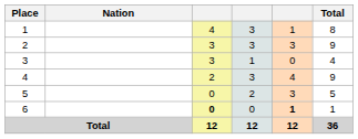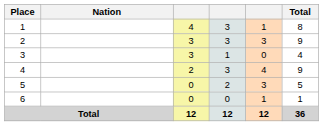 <table class=wikitable style="border:1px solid #AAAAAA;font-size:90%">
 <tr bgcolor="#EFEFEF">
 <th width=50>Place</th>
 <th width=200>Nation</th>
 <th width=50></th>
 <th width=50></th>
 <th width=50></th>
 <th width=50>Total</th>
 </tr>
 <tr align="center" valign="top" bgcolor="#FFFFFF">
 <td>1</td>
 <td align="left"></td>
 <td style="background:#F7F6A8;">4</td>
 <td style="background:#DCE5E5;">3</td>
 <td style="background:#FFDAB9;">1</td>
 <td>8</td>
 </tr>
 <tr align="center" valign="top" bgcolor="#FFFFFF">
 <td>2</td>
 <td align="left"></td>
 <td style="background:#F7F6A8;">3</td>
 <td style="background:#DCE5E5;">3</td>
 <td style="background:#FFDAB9;">3</td>
 <td>9</td>
 </tr>
 <tr align="center" valign="top" bgcolor="#FFFFFF">
 <td>3</td>
 <td align="left"></td>
 <td style="background:#F7F6A8;">3</td>
 <td style="background:#DCE5E5;">1</td>
 <td style="background:#FFDAB9;">0</td>
 <td>4</td>
 </tr>
 <tr align="center" valign="top" bgcolor="#FFFFFF">
 <td>4</td>
 <td align="left"></td>
 <td style="background:#F7F6A8;">2</td>
 <td style="background:#DCE5E5;">3</td>
 <td style="background:#FFDAB9;">4</td>
 <td>9</td>
 </tr>
 <tr align="center" valign="top" bgcolor="#FFFFFF">
 <td>5</td>
 <td align="left"></td>
 <td style="background:#F7F6A8;">0</td>
 <td style="background:#DCE5E5;">2</td>
 <td style="background:#FFDAB9;">3</td>
 <td>5</td>
 </tr>
 <tr align="center" valign="top" bgcolor="#FFFFFF">
 <td>6</td>
 <td align="left"></td>
-<td style="background:#F7F6A8;"><strong>0</strong></td>
+<td style="background:#F7F6A8;">0</td>
 <td style="background:#DCE5E5;">0</td>
-<td style="background:#FFDAB9;"><strong>1</strong></td>
+<td style="background:#FFDAB9;">1</td>
 <td>1</td>
 </tr>
 <tr align="center">
 <td colspan="2" bgcolor=D3D3D3><strong>Total</strong></td>
 <td style="background:#F7F6A8;"><strong>12</strong></td>
 <td style="background:#DCE5E5;"><strong>12</strong></td>
 <td style="background:#FFDAB9;"><strong>12</strong></td>
 <td bgcolor=D3D3D3><strong>36</strong></td>
 </tr>
 </table>
